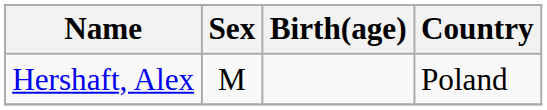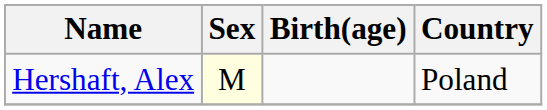 <table class="wikitable sortable">
 <tr>
 <th>Name</th>
 <th>Sex</th>
 <th>Birth(age)</th>
 <th>Country</th>
 </tr>
 <tr>
 <td><a href='#'>Hershaft, Alex</a></td>
-<td style="text-align:center">M</td>
+<td style="background: lightyellow; text-align:center">M</td>
 <td></td>
 <td>Poland</td>
 </tr>
 <tr>
 </tr>
 </table>
